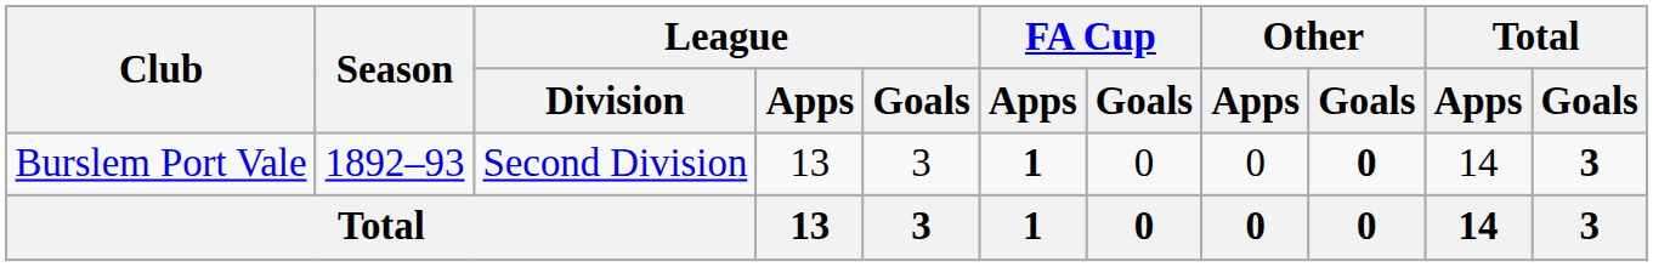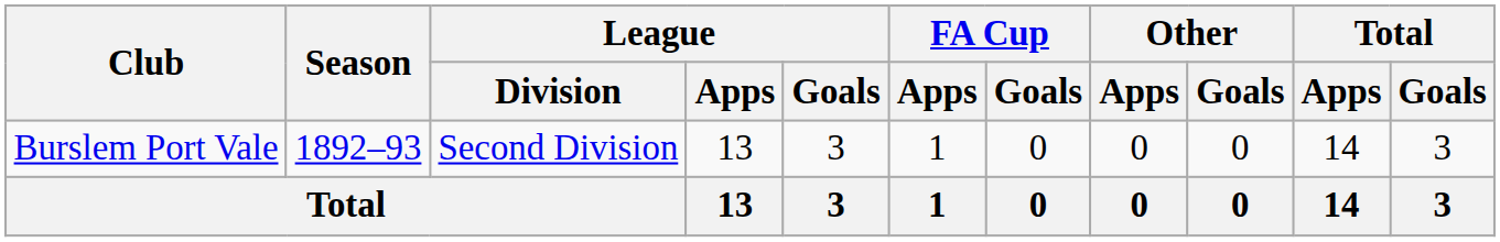 <table class="wikitable" style="text-align:center">
 <tr>
 <th rowspan="2">Club</th>
 <th rowspan="2">Season</th>
 <th colspan="3">League</th>
 <th colspan="2"><a href='#'>FA Cup</a></th>
 <th colspan="2">Other</th>
 <th colspan="2">Total</th>
 </tr>
 <tr>
 <th>Division</th>
 <th>Apps</th>
 <th>Goals</th>
 <th>Apps</th>
 <th>Goals</th>
 <th>Apps</th>
 <th>Goals</th>
 <th>Apps</th>
 <th>Goals</th>
 </tr>
 <tr>
 <td><a href='#'>Burslem Port Vale</a></td>
 <td><a href='#'>1892–93</a></td>
 <td><a href='#'>Second Division</a></td>
 <td>13</td>
 <td>3</td>
-<td><strong>1</strong></td>
+<td>1</td>
 <td>0</td>
 <td>0</td>
-<td><strong>0</strong></td>
+<td>0</td>
 <td>14</td>
-<td><strong>3</strong></td>
+<td>3</td>
 </tr>
 <tr>
 <th colspan="3">Total</th>
 <th>13</th>
 <th>3</th>
 <th>1</th>
 <th>0</th>
 <th>0</th>
 <th>0</th>
 <th>14</th>
 <th>3</th>
 </tr>
 </table>
